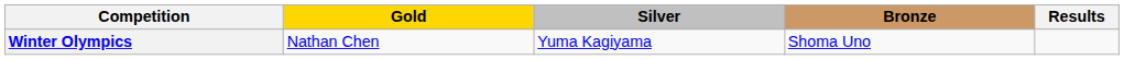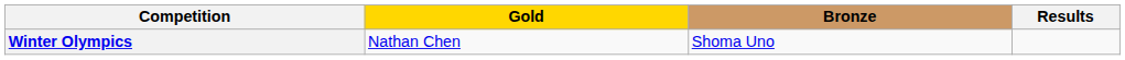 <table class="wikitable unsortable" style="text-align:left; width:90%">
 <tr>
 <th scope="col" style="text-align:center; width:25%;">Competition</th>
 <td scope="col" style="text-align:center; width:22.5%; background:gold"><strong>Gold</strong></td>
-<td scope="col" style="text-align:center; width:22.5%; background:silver"><strong>Silver</strong></td>
 <td scope="col" style="text-align:center; width:22.5%; background:#c96"><strong>Bronze</strong></td>
 <th scope="col" style="text-align:center; width:7.5%;">Results</th>
 </tr>
 <tr>
 <th scope="row" style="text-align:left"> <a href='#'>Winter Olympics</a></th>
 <td> <a href='#'>Nathan Chen</a></td>
-<td> <a href='#'>Yuma Kagiyama</a></td>
 <td> <a href='#'>Shoma Uno</a></td>
 <td></td>
 </tr>
 </table>
